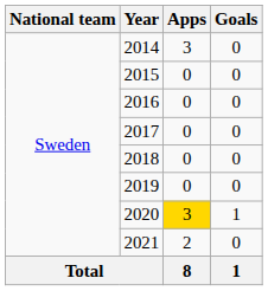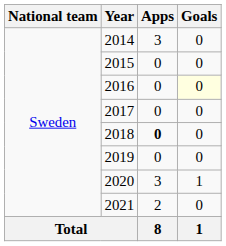 <table class="wikitable" style="text-align:center">
 <tr>
 <th>National team</th>
 <th>Year</th>
 <th>Apps</th>
 <th>Goals</th>
 </tr>
 <tr>
 <td rowspan="8"><a href='#'>Sweden</a></td>
 <td>2014</td>
 <td>3</td>
 <td>0</td>
 </tr>
 <tr>
 <td>2015</td>
 <td>0</td>
 <td>0</td>
 </tr>
 <tr>
 <td>2016</td>
 <td>0</td>
-<td>0</td>
+<td style="background: lightyellow;">0</td>
 </tr>
 <tr>
 <td>2017</td>
 <td>0</td>
 <td>0</td>
 </tr>
 <tr>
 <td>2018</td>
-<td>0</td>
+<td><strong>0</strong></td>
 <td>0</td>
 </tr>
 <tr>
 <td>2019</td>
 <td>0</td>
 <td>0</td>
 </tr>
 <tr>
 <td>2020</td>
-<td style="background: gold;">3</td>
+<td>3</td>
 <td>1</td>
 </tr>
 <tr>
 <td>2021</td>
 <td>2</td>
 <td>0</td>
 </tr>
 <tr>
 <th colspan="2">Total</th>
 <th>8</th>
 <th>1</th>
 </tr>
 </table>
